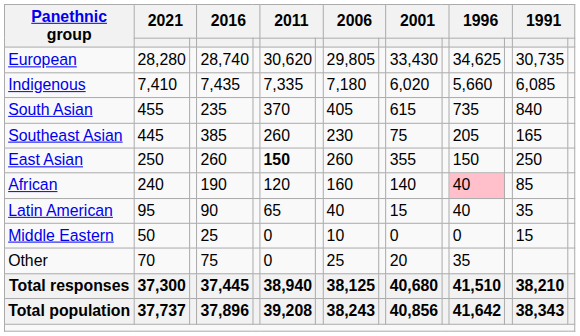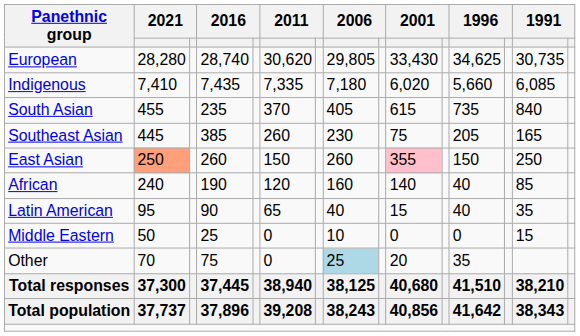 <table class="wikitable sortable">
 <tr>
 <th rowspan="2"><a href='#'>Panethnic</a><br>group</th>
 <th colspan="2">2021</th>
 <th colspan="2">2016</th>
 <th colspan="2">2011</th>
 <th colspan="2">2006</th>
 <th colspan="2">2001</th>
 <th colspan="2">1996</th>
 <th colspan="2">1991</th>
 </tr>
 <tr>
 <th><a href='#'></a></th>
 <th></th>
 <th></th>
 <th></th>
 <th></th>
 <th></th>
 <th></th>
 <th></th>
 <th></th>
 <th></th>
 <th></th>
 <th></th>
 <th></th>
 <th></th>
 </tr>
 <tr>
 <td><a href='#'>European</a></td>
 <td>28,280</td>
 <td></td>
 <td>28,740</td>
 <td></td>
 <td>30,620</td>
 <td></td>
 <td>29,805</td>
 <td></td>
 <td>33,430</td>
 <td></td>
 <td>34,625</td>
 <td></td>
 <td>30,735</td>
 <td></td>
 </tr>
 <tr>
 <td><a href='#'>Indigenous</a></td>
 <td>7,410</td>
 <td></td>
 <td>7,435</td>
 <td></td>
 <td>7,335</td>
 <td></td>
 <td>7,180</td>
 <td></td>
 <td>6,020</td>
 <td></td>
 <td>5,660</td>
 <td></td>
 <td>6,085</td>
 <td></td>
 </tr>
 <tr>
 <td><a href='#'>South Asian</a></td>
 <td>455</td>
 <td></td>
 <td>235</td>
 <td></td>
 <td>370</td>
 <td></td>
 <td>405</td>
 <td></td>
 <td>615</td>
 <td></td>
 <td>735</td>
 <td></td>
 <td>840</td>
 <td></td>
 </tr>
 <tr>
 <td><a href='#'>Southeast Asian</a></td>
 <td>445</td>
 <td></td>
 <td>385</td>
 <td></td>
 <td>260</td>
 <td></td>
 <td>230</td>
 <td></td>
 <td>75</td>
 <td></td>
 <td>205</td>
 <td></td>
 <td>165</td>
 <td></td>
 </tr>
 <tr>
 <td><a href='#'>East Asian</a></td>
-<td>250</td>
+<td style="background: lightsalmon;">250</td>
 <td></td>
 <td>260</td>
 <td></td>
-<td><strong>150</strong></td>
+<td>150</td>
 <td></td>
 <td>260</td>
 <td></td>
-<td>355</td>
+<td style="background: pink;">355</td>
 <td></td>
 <td>150</td>
 <td></td>
 <td>250</td>
 <td></td>
 </tr>
 <tr>
 <td><a href='#'>African</a></td>
 <td>240</td>
 <td></td>
 <td>190</td>
 <td></td>
 <td>120</td>
 <td></td>
 <td>160</td>
 <td></td>
 <td>140</td>
 <td></td>
-<td style="background: pink;">40</td>
+<td>40</td>
 <td></td>
 <td>85</td>
 <td></td>
 </tr>
 <tr>
 <td><a href='#'>Latin American</a></td>
 <td>95</td>
 <td></td>
 <td>90</td>
 <td></td>
 <td>65</td>
 <td></td>
 <td>40</td>
 <td></td>
 <td>15</td>
 <td></td>
 <td>40</td>
 <td></td>
 <td>35</td>
 <td></td>
 </tr>
 <tr>
 <td><a href='#'>Middle Eastern</a></td>
 <td>50</td>
 <td></td>
 <td>25</td>
 <td></td>
 <td>0</td>
 <td></td>
 <td>10</td>
 <td></td>
 <td>0</td>
 <td></td>
 <td>0</td>
 <td></td>
 <td>15</td>
 <td></td>
 </tr>
 <tr>
 <td>Other</td>
 <td>70</td>
 <td></td>
 <td>75</td>
 <td></td>
 <td>0</td>
 <td></td>
-<td>25</td>
+<td style="background: lightblue;">25</td>
 <td></td>
 <td>20</td>
 <td></td>
 <td>35</td>
 <td></td>
 <td></td>
 <td></td>
 </tr>
 <tr>
 <th>Total responses</th>
 <th>37,300</th>
 <th></th>
 <th>37,445</th>
 <th></th>
 <th>38,940</th>
 <th></th>
 <th>38,125</th>
 <th></th>
 <th>40,680</th>
 <th></th>
 <th>41,510</th>
 <th></th>
 <th>38,210</th>
 <th></th>
 </tr>
 <tr>
 <th>Total population</th>
 <th>37,737</th>
 <th></th>
 <th>37,896</th>
 <th></th>
 <th>39,208</th>
 <th></th>
 <th>38,243</th>
 <th></th>
 <th>40,856</th>
 <th></th>
 <th>41,642</th>
 <th></th>
 <th>38,343</th>
 <th></th>
 </tr>
 <tr class="sortbottom">
 <td colspan="15"></td>
 </tr>
 </table>
